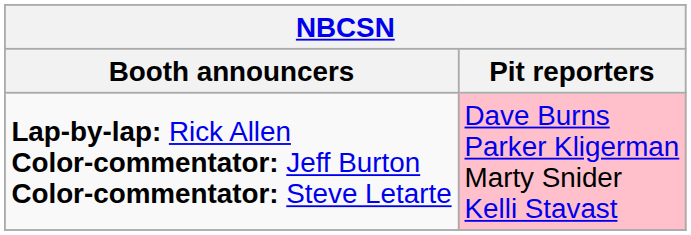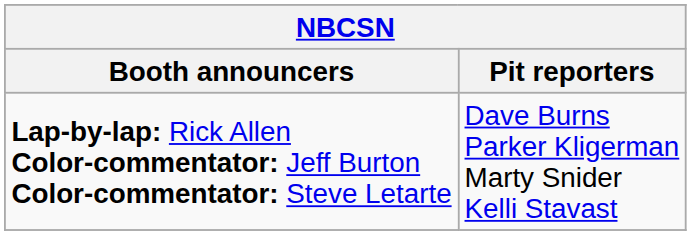 <table class="wikitable" style="font-size: 95%">
 <tr>
 <th colspan="2"><a href='#'>NBCSN</a></th>
 </tr>
 <tr>
 <th>Booth announcers</th>
 <th>Pit reporters</th>
 </tr>
 <tr>
 <td><strong>Lap-by-lap:</strong> <a href='#'>Rick Allen</a><br><strong>Color-commentator:</strong> <a href='#'>Jeff Burton</a><br><strong>Color-commentator:</strong> <a href='#'>Steve Letarte</a></td>
-<td style="background: pink;"><a href='#'>Dave Burns</a><br><a href='#'>Parker Kligerman</a><br>Marty Snider<br><a href='#'>Kelli Stavast</a></td>
+<td><a href='#'>Dave Burns</a><br><a href='#'>Parker Kligerman</a><br>Marty Snider<br><a href='#'>Kelli Stavast</a></td>
 </tr>
 </table>
